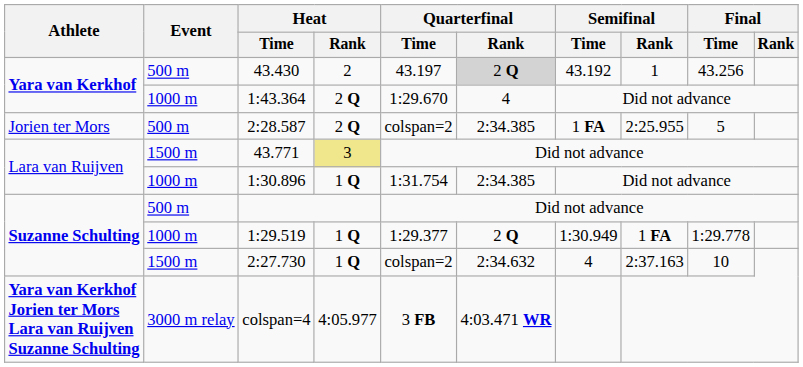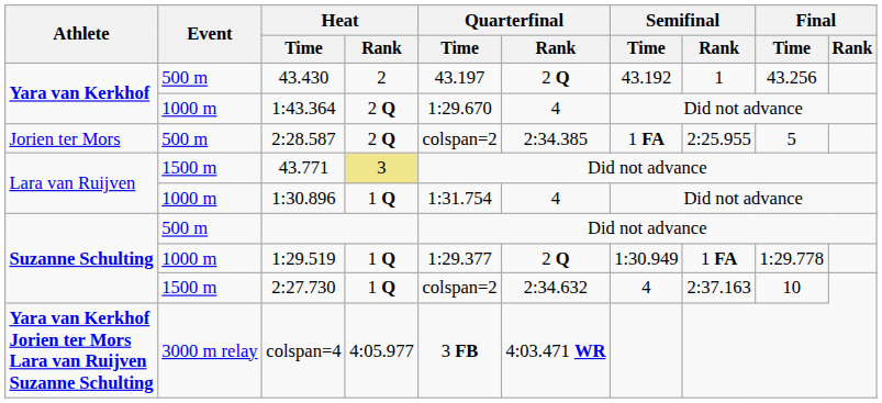 <table class="wikitable" style="font-size:90%">
 <tr>
 <th rowspan=2>Athlete</th>
 <th rowspan=2>Event</th>
 <th colspan=2>Heat</th>
 <th colspan=2>Quarterfinal</th>
 <th colspan=2>Semifinal</th>
 <th colspan=2>Final</th>
 </tr>
 <tr style="font-size:95%">
 <th>Time</th>
 <th>Rank</th>
 <th>Time</th>
 <th>Rank</th>
 <th>Time</th>
 <th>Rank</th>
 <th>Time</th>
 <th>Rank</th>
 </tr>
 <tr align=center>
 <td align=left rowspan=2><strong><a href='#'>Yara van Kerkhof</a></strong></td>
 <td align=left><a href='#'>500 m</a></td>
 <td>43.430</td>
 <td>2 </td>
 <td>43.197</td>
-<td style="background: lightgrey;">2 <strong>Q</strong></td>
+<td>2 <strong>Q</strong></td>
 <td>43.192</td>
 <td>1 </td>
 <td>43.256</td>
 <td></td>
 </tr>
 <tr align=center>
 <td align=left><a href='#'>1000 m</a></td>
 <td>1:43.364</td>
 <td>2 <strong>Q</strong></td>
 <td>1:29.670</td>
 <td>4</td>
 <td colspan=4>Did not advance</td>
 </tr>
 <tr align=center>
 <td align=left><a href='#'>Jorien ter Mors</a></td>
 <td align=left><a href='#'>500 m</a></td>
 <td>2:28.587</td>
 <td>2 <strong>Q</strong></td>
 <td>colspan=2 </td>
 <td>2:34.385</td>
 <td>1 <strong>FA</strong></td>
 <td>2:25.955</td>
 <td>5</td>
 </tr>
 <tr align=center>
 <td align=left rowspan=2><a href='#'>Lara van Ruijven</a></td>
 <td align=left><a href='#'>1500 m</a></td>
 <td>43.771</td>
 <td style="background: khaki;">3</td>
 <td colspan=6>Did not advance</td>
 </tr>
 <tr align=center>
 <td align=left><a href='#'>1000 m</a></td>
 <td>1:30.896</td>
 <td>1 <strong>Q</strong></td>
 <td>1:31.754</td>
-<td>2:34.385</td>
+<td>4</td>
 <td colspan=4>Did not advance</td>
 </tr>
 <tr align=center>
 <td align=left rowspan=3><strong><a href='#'>Suzanne Schulting</a></strong></td>
 <td align=left><a href='#'>500 m</a></td>
 <td colspan=2></td>
 <td colspan=6>Did not advance</td>
 </tr>
 <tr align=center>
 <td align=left><a href='#'>1000 m</a></td>
 <td>1:29.519</td>
 <td>1 <strong>Q</strong></td>
 <td>1:29.377</td>
 <td>2 <strong>Q</strong></td>
 <td>1:30.949</td>
 <td>1 <strong>FA</strong></td>
 <td>1:29.778</td>
 <td></td>
 </tr>
 <tr align=center>
 <td align=left><a href='#'>1500 m</a></td>
 <td>2:27.730</td>
 <td>1 <strong>Q</strong></td>
 <td>colspan=2 </td>
 <td>2:34.632</td>
 <td>4 </td>
 <td>2:37.163</td>
 <td>10</td>
 </tr>
 <tr align=center>
 <td align=left><strong><a href='#'>Yara van Kerkhof</a><br><a href='#'>Jorien ter Mors</a><br><a href='#'>Lara van Ruijven</a><br><a href='#'>Suzanne Schulting</a></strong> </td>
 <td align=left><a href='#'>3000 m relay</a></td>
 <td>colspan=4 </td>
 <td>4:05.977</td>
 <td>3 <strong>FB</strong></td>
 <td>4:03.471 <strong><a href='#'>WR</a></strong></td>
 <td></td>
 </tr>
 </table>
